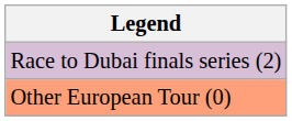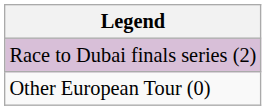 <table class="wikitable" style="font-size:95%;">
 <tr>
 <th>Legend</th>
 </tr>
 <tr style="background:thistle;">
 <td>Race to Dubai finals series (2)</td>
 </tr>
 <tr>
-<td style="background: lightsalmon;">Other European Tour (0)</td>
+<td>Other European Tour (0)</td>
 </tr>
 </table>
